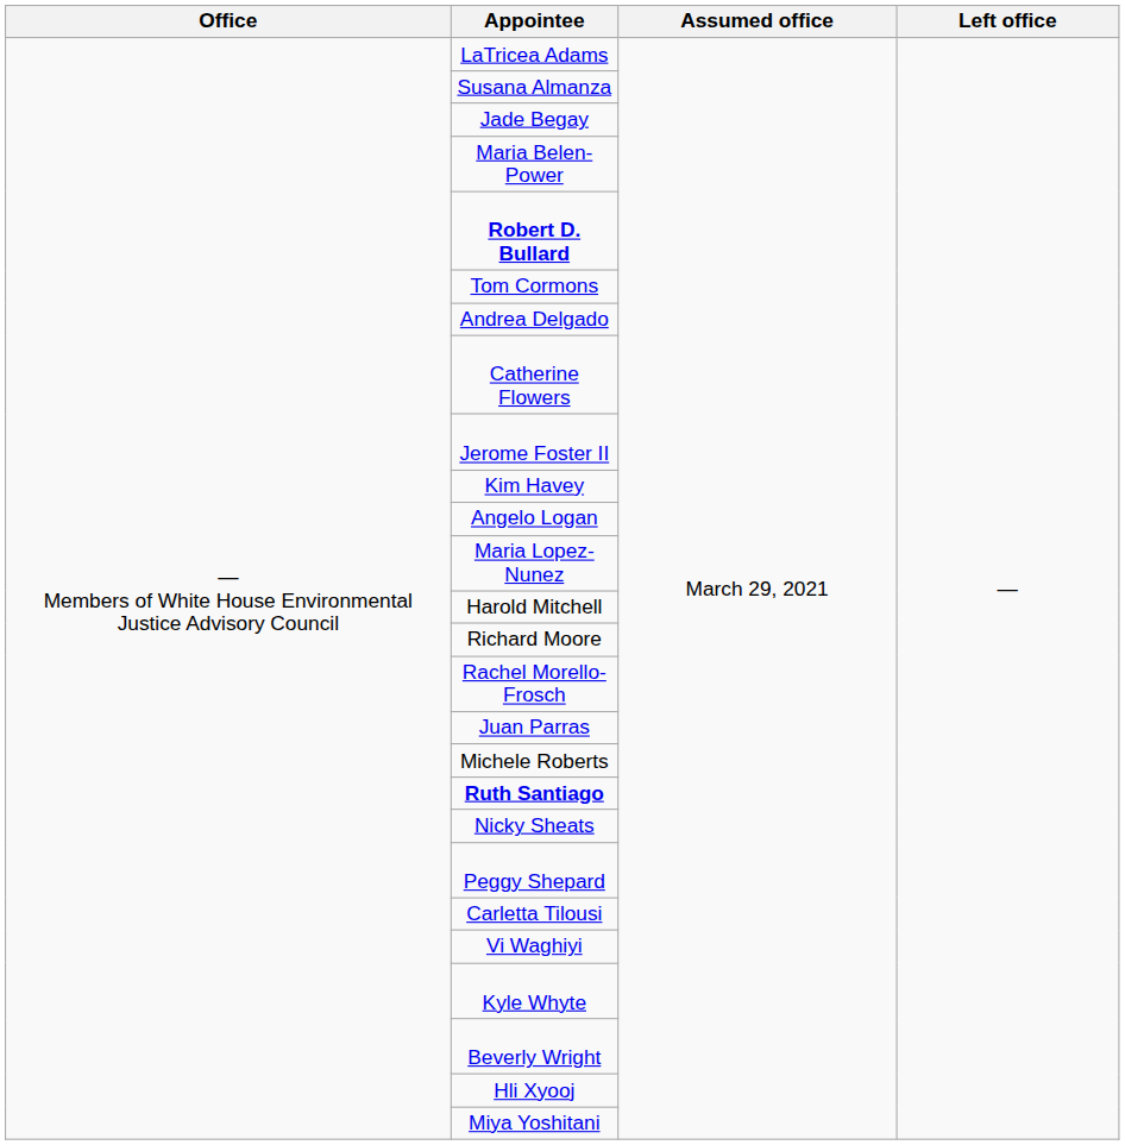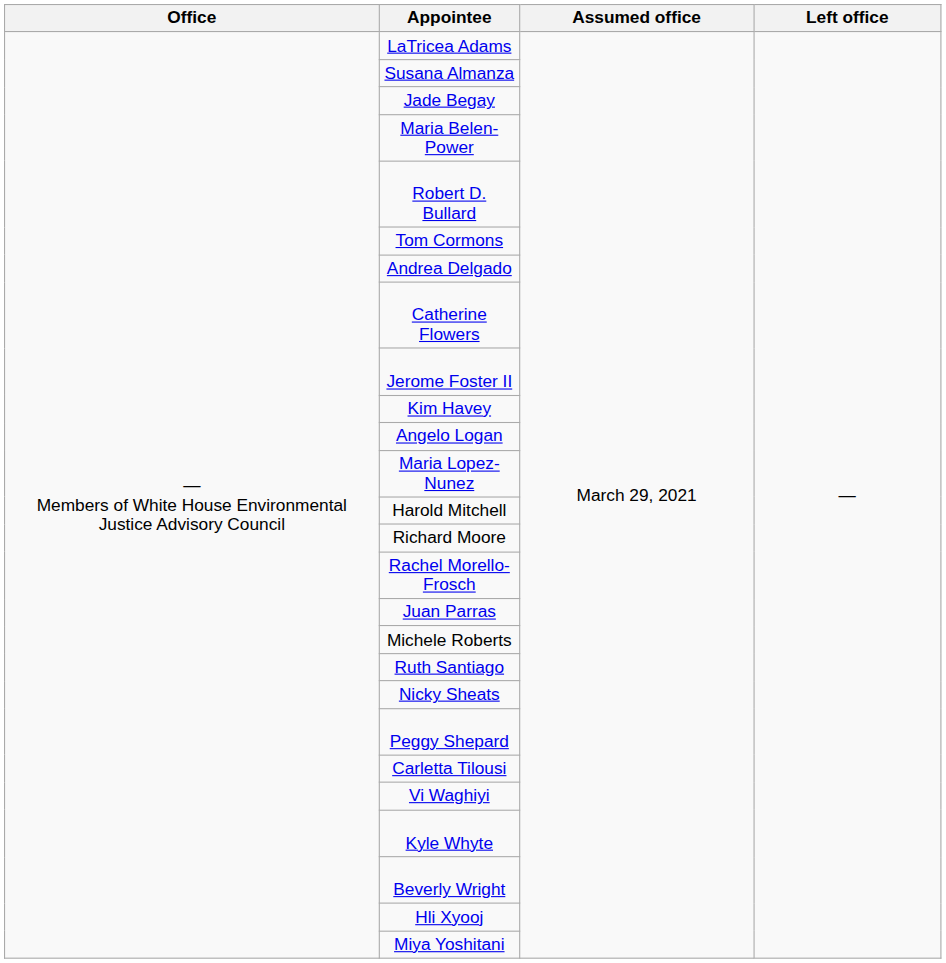 <table class="wikitable sortable" style="text-align:center">
 <tr>
 <th style="width:40%;">Office</th>
 <th style="width:15%;">Appointee</th>
 <th style="width:25%;" data-sort-type="date">Assumed office</th>
 <th style="width:20%;" data-sort-type="date">Left office</th>
 </tr>
 <tr>
 <td rowspan=26><br>—<br>Members of White House Environmental Justice Advisory Council</td>
 <td><a href='#'>LaTricea Adams</a></td>
 <td rowspan=26>March 29, 2021</td>
 <td rowspan=26>—</td>
 </tr>
 <tr>
 <td><a href='#'>Susana Almanza</a></td>
 </tr>
 <tr>
 <td><a href='#'>Jade Begay</a></td>
 </tr>
 <tr>
 <td><a href='#'>Maria Belen-Power</a></td>
 </tr>
 <tr>
-<td><strong><br><a href='#'>Robert D. Bullard</a></strong></td>
+<td><br><a href='#'>Robert D. Bullard</a></td>
 </tr>
 <tr>
 <td><a href='#'>Tom Cormons</a></td>
 </tr>
 <tr>
 <td><a href='#'>Andrea Delgado</a></td>
 </tr>
 <tr>
 <td><br><a href='#'>Catherine Flowers</a></td>
 </tr>
 <tr>
 <td><br><a href='#'>Jerome Foster II</a></td>
 </tr>
 <tr>
 <td><a href='#'>Kim Havey</a></td>
 </tr>
 <tr>
 <td><a href='#'>Angelo Logan</a></td>
 </tr>
 <tr>
 <td><a href='#'>Maria Lopez-Nunez</a></td>
 </tr>
 <tr>
 <td>Harold Mitchell</td>
 </tr>
 <tr>
 <td>Richard Moore</td>
 </tr>
 <tr>
 <td><a href='#'>Rachel Morello-Frosch</a></td>
 </tr>
 <tr>
 <td><a href='#'>Juan Parras</a></td>
 </tr>
 <tr>
 <td>Michele Roberts</td>
 </tr>
 <tr>
-<td><strong><a href='#'>Ruth Santiago</a></strong></td>
+<td><a href='#'>Ruth Santiago</a></td>
 </tr>
 <tr>
 <td><a href='#'>Nicky Sheats</a></td>
 </tr>
 <tr>
 <td><br><a href='#'>Peggy Shepard</a></td>
 </tr>
 <tr>
 <td><a href='#'>Carletta Tilousi</a></td>
 </tr>
 <tr>
 <td><a href='#'>Vi Waghiyi</a></td>
 </tr>
 <tr>
 <td><br><a href='#'>Kyle Whyte</a></td>
 </tr>
 <tr>
 <td><br><a href='#'>Beverly Wright</a></td>
 </tr>
 <tr>
 <td><a href='#'>Hli Xyooj</a></td>
 </tr>
 <tr>
 <td><a href='#'>Miya Yoshitani</a></td>
 </tr>
 </table>
